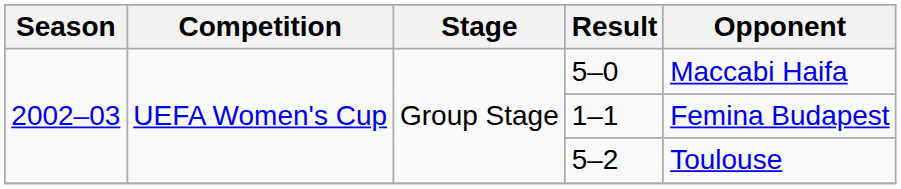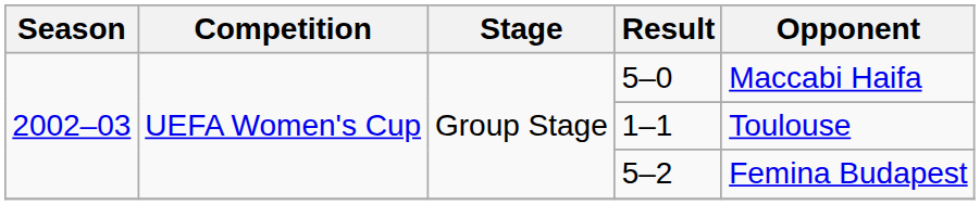 <table class="wikitable">
 <tr>
 <th>Season</th>
 <th>Competition</th>
 <th>Stage</th>
 <th>Result</th>
 <th>Opponent</th>
 </tr>
 <tr>
 <td rowspan=3><a href='#'>2002–03</a></td>
 <td rowspan=3><a href='#'>UEFA Women's Cup</a></td>
 <td rowspan=3>Group Stage</td>
 <td>5–0</td>
 <td> <a href='#'>Maccabi Haifa</a></td>
 </tr>
 <tr>
 <td>1–1</td>
-<td> <a href='#'>Femina Budapest</a></td>
+<td> <a href='#'>Toulouse</a></td>
 </tr>
 <tr>
 <td>5–2</td>
-<td> <a href='#'>Toulouse</a></td>
+<td> <a href='#'>Femina Budapest</a></td>
 </tr>
 <tr>
 </tr>
 </table>
